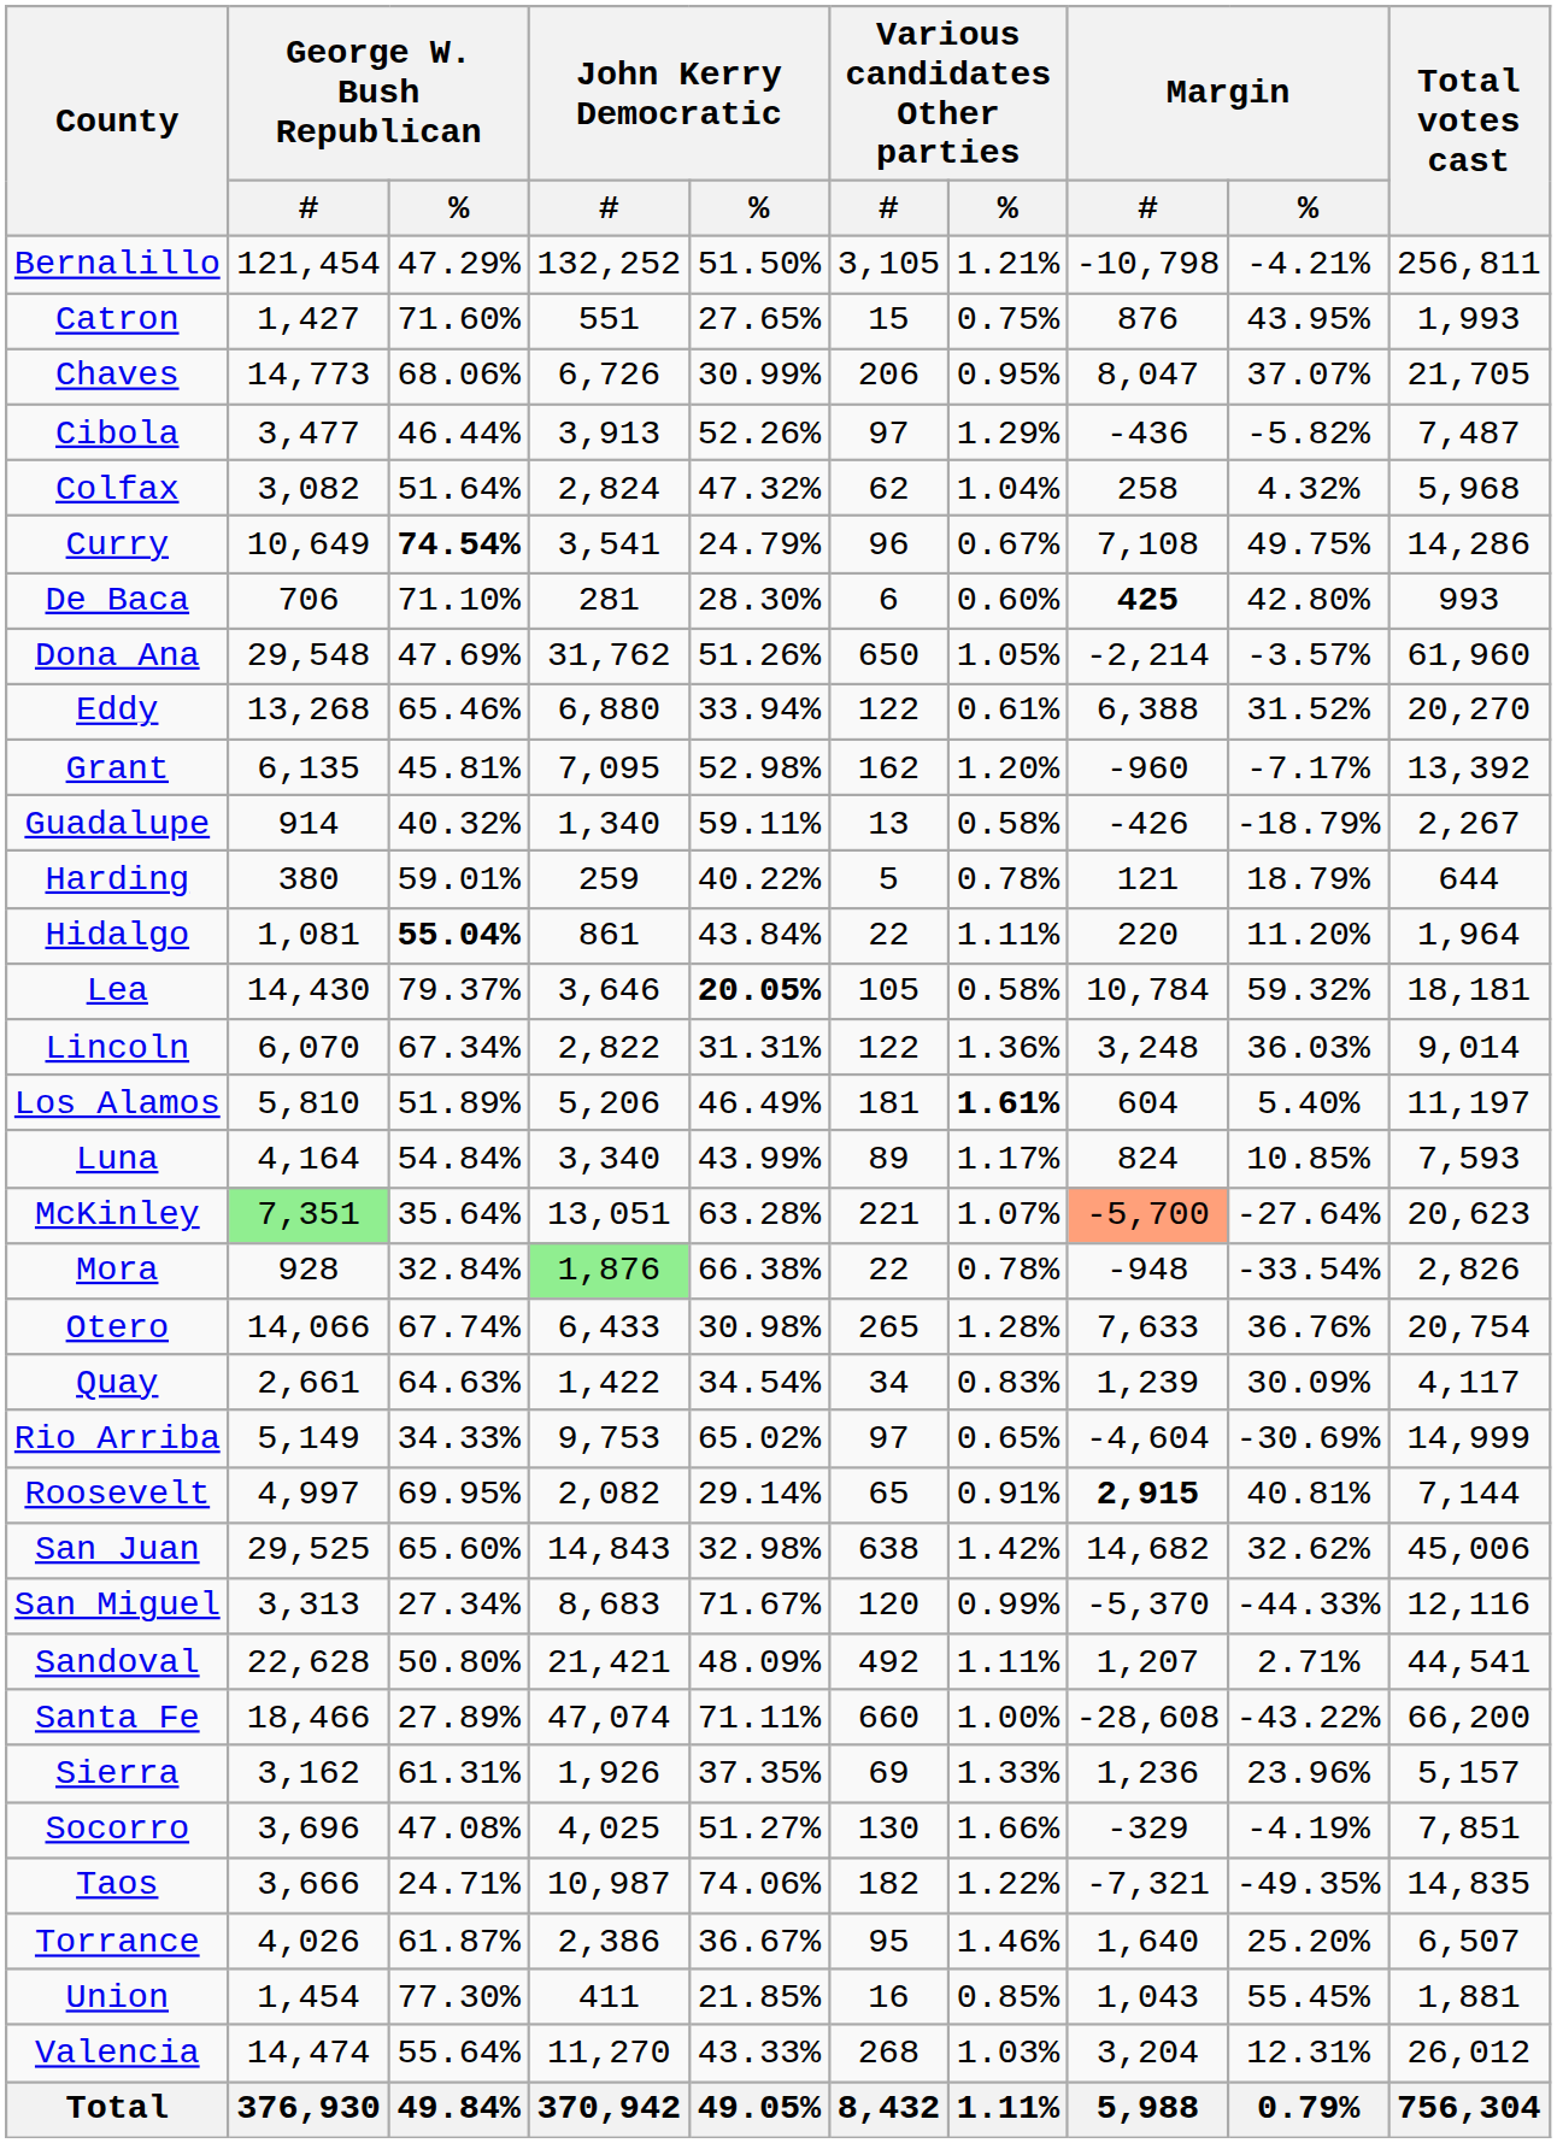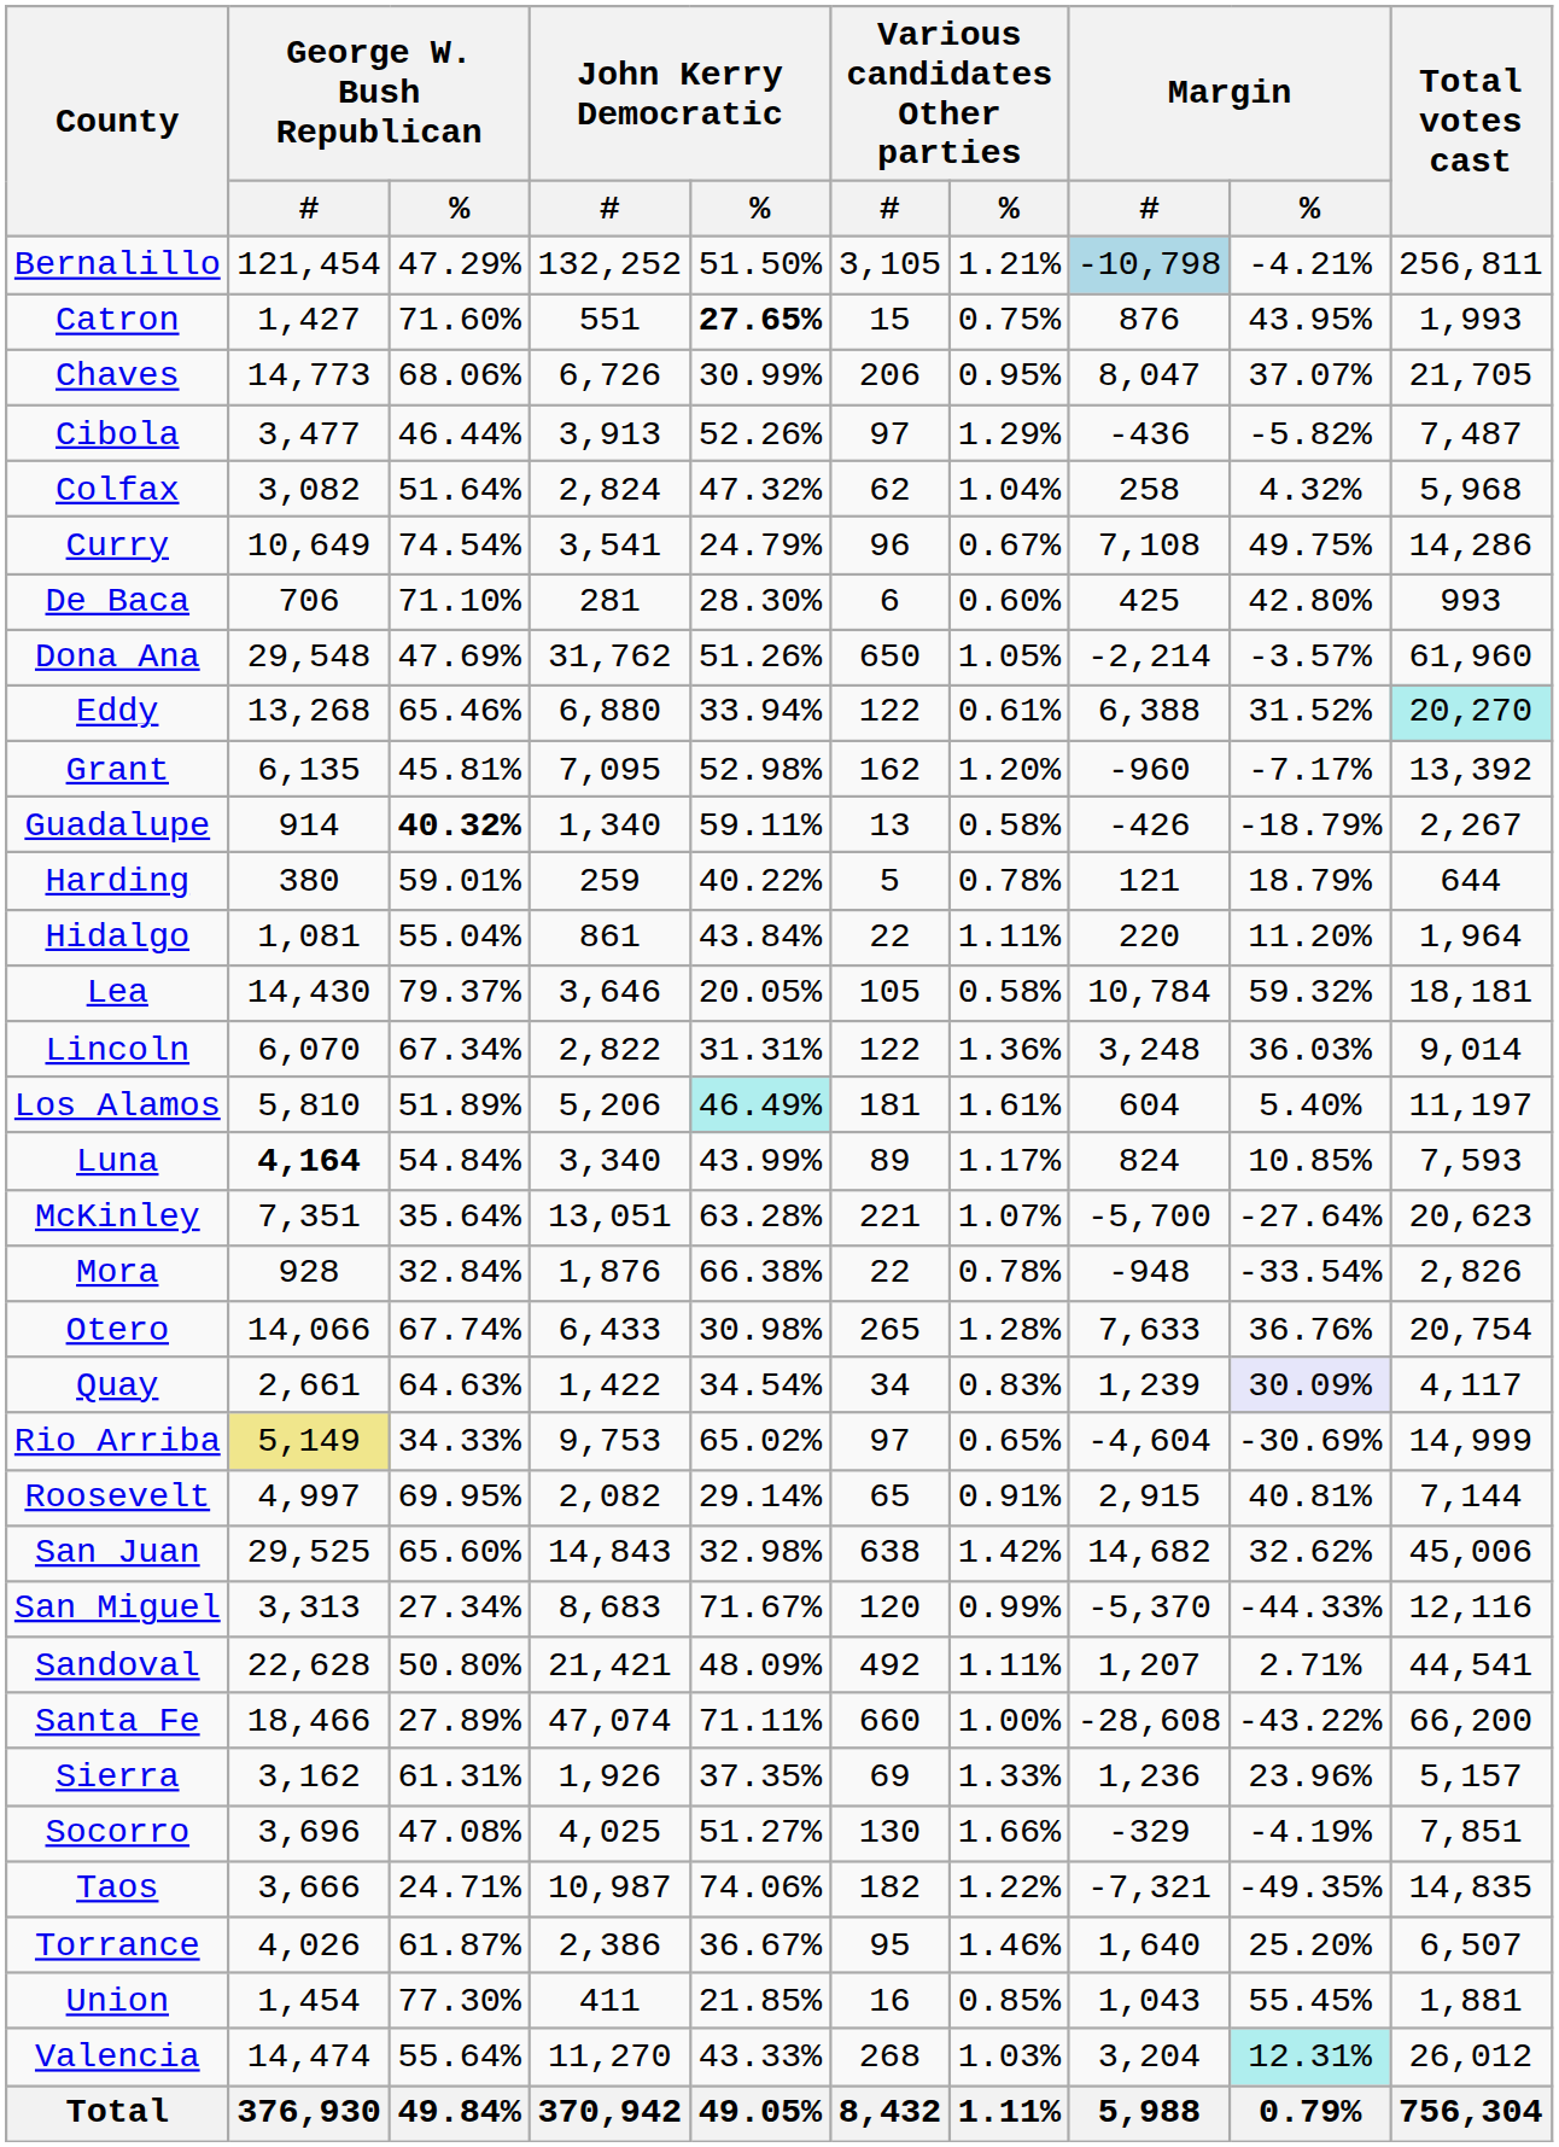 <table width="60%"  class="wikitable sortable" style="text-align:center">
 <tr>
 <th style="text-align:center;" rowspan="2">County</th>
 <th style="text-align:center;" colspan="2">George W. Bush<br>Republican</th>
 <th style="text-align:center;" colspan="2">John Kerry<br>Democratic</th>
 <th style="text-align:center;" colspan="2">Various candidates<br>Other parties</th>
 <th style="text-align:center;" colspan="2">Margin</th>
 <th style="text-align:center;" rowspan="2">Total votes cast</th>
 </tr>
 <tr>
 <th style="text-align:center;" data-sort-type="number">#</th>
 <th style="text-align:center;" data-sort-type="number">%</th>
 <th style="text-align:center;" data-sort-type="number">#</th>
 <th style="text-align:center;" data-sort-type="number">%</th>
 <th style="text-align:center;" data-sort-type="number">#</th>
 <th style="text-align:center;" data-sort-type="number">%</th>
 <th style="text-align:center;" data-sort-type="number">#</th>
 <th style="text-align:center;" data-sort-type="number">%</th>
 </tr>
 <tr style="text-align:center;">
 <td><a href='#'>Bernalillo</a></td>
 <td>121,454</td>
 <td>47.29%</td>
 <td>132,252</td>
 <td>51.50%</td>
 <td>3,105</td>
 <td>1.21%</td>
-<td>-10,798</td>
+<td style="background: lightblue;">-10,798</td>
 <td>-4.21%</td>
 <td>256,811</td>
 </tr>
 <tr style="text-align:center;">
 <td><a href='#'>Catron</a></td>
 <td>1,427</td>
 <td>71.60%</td>
 <td>551</td>
-<td>27.65%</td>
+<td><strong>27.65%</strong></td>
 <td>15</td>
 <td>0.75%</td>
 <td>876</td>
 <td>43.95%</td>
 <td>1,993</td>
 </tr>
 <tr style="text-align:center;">
 <td><a href='#'>Chaves</a></td>
 <td>14,773</td>
 <td>68.06%</td>
 <td>6,726</td>
 <td>30.99%</td>
 <td>206</td>
 <td>0.95%</td>
 <td>8,047</td>
 <td>37.07%</td>
 <td>21,705</td>
 </tr>
 <tr style="text-align:center;">
 <td><a href='#'>Cibola</a></td>
 <td>3,477</td>
 <td>46.44%</td>
 <td>3,913</td>
 <td>52.26%</td>
 <td>97</td>
 <td>1.29%</td>
 <td>-436</td>
 <td>-5.82%</td>
 <td>7,487</td>
 </tr>
 <tr style="text-align:center;">
 <td><a href='#'>Colfax</a></td>
 <td>3,082</td>
 <td>51.64%</td>
 <td>2,824</td>
 <td>47.32%</td>
 <td>62</td>
 <td>1.04%</td>
 <td>258</td>
 <td>4.32%</td>
 <td>5,968</td>
 </tr>
 <tr style="text-align:center;">
 <td><a href='#'>Curry</a></td>
 <td>10,649</td>
-<td><strong>74.54%</strong></td>
+<td>74.54%</td>
 <td>3,541</td>
 <td>24.79%</td>
 <td>96</td>
 <td>0.67%</td>
 <td>7,108</td>
 <td>49.75%</td>
 <td>14,286</td>
 </tr>
 <tr style="text-align:center;">
 <td><a href='#'>De Baca</a></td>
 <td>706</td>
 <td>71.10%</td>
 <td>281</td>
 <td>28.30%</td>
 <td>6</td>
 <td>0.60%</td>
-<td><strong>425</strong></td>
+<td>425</td>
 <td>42.80%</td>
 <td>993</td>
 </tr>
 <tr style="text-align:center;">
 <td><a href='#'>Dona Ana</a></td>
 <td>29,548</td>
 <td>47.69%</td>
 <td>31,762</td>
 <td>51.26%</td>
 <td>650</td>
 <td>1.05%</td>
 <td>-2,214</td>
 <td>-3.57%</td>
 <td>61,960</td>
 </tr>
 <tr style="text-align:center;">
 <td><a href='#'>Eddy</a></td>
 <td>13,268</td>
 <td>65.46%</td>
 <td>6,880</td>
 <td>33.94%</td>
 <td>122</td>
 <td>0.61%</td>
 <td>6,388</td>
 <td>31.52%</td>
-<td>20,270</td>
+<td style="background: paleturquoise;">20,270</td>
 </tr>
 <tr style="text-align:center;">
 <td><a href='#'>Grant</a></td>
 <td>6,135</td>
 <td>45.81%</td>
 <td>7,095</td>
 <td>52.98%</td>
 <td>162</td>
 <td>1.20%</td>
 <td>-960</td>
 <td>-7.17%</td>
 <td>13,392</td>
 </tr>
 <tr style="text-align:center;">
 <td><a href='#'>Guadalupe</a></td>
 <td>914</td>
-<td>40.32%</td>
+<td><strong>40.32%</strong></td>
 <td>1,340</td>
 <td>59.11%</td>
 <td>13</td>
 <td>0.58%</td>
 <td>-426</td>
 <td>-18.79%</td>
 <td>2,267</td>
 </tr>
 <tr style="text-align:center;">
 <td><a href='#'>Harding</a></td>
 <td>380</td>
 <td>59.01%</td>
 <td>259</td>
 <td>40.22%</td>
 <td>5</td>
 <td>0.78%</td>
 <td>121</td>
 <td>18.79%</td>
 <td>644</td>
 </tr>
 <tr style="text-align:center;">
 <td><a href='#'>Hidalgo</a></td>
 <td>1,081</td>
-<td><strong>55.04%</strong></td>
+<td>55.04%</td>
 <td>861</td>
 <td>43.84%</td>
 <td>22</td>
 <td>1.11%</td>
 <td>220</td>
 <td>11.20%</td>
 <td>1,964</td>
 </tr>
 <tr style="text-align:center;">
 <td><a href='#'>Lea</a></td>
 <td>14,430</td>
 <td>79.37%</td>
 <td>3,646</td>
-<td><strong>20.05%</strong></td>
+<td>20.05%</td>
 <td>105</td>
 <td>0.58%</td>
 <td>10,784</td>
 <td>59.32%</td>
 <td>18,181</td>
 </tr>
 <tr style="text-align:center;">
 <td><a href='#'>Lincoln</a></td>
 <td>6,070</td>
 <td>67.34%</td>
 <td>2,822</td>
 <td>31.31%</td>
 <td>122</td>
 <td>1.36%</td>
 <td>3,248</td>
 <td>36.03%</td>
 <td>9,014</td>
 </tr>
 <tr style="text-align:center;">
 <td><a href='#'>Los Alamos</a></td>
 <td>5,810</td>
 <td>51.89%</td>
 <td>5,206</td>
-<td>46.49%</td>
+<td style="background: paleturquoise;">46.49%</td>
 <td>181</td>
-<td><strong>1.61%</strong></td>
+<td>1.61%</td>
 <td>604</td>
 <td>5.40%</td>
 <td>11,197</td>
 </tr>
 <tr style="text-align:center;">
 <td><a href='#'>Luna</a></td>
-<td>4,164</td>
+<td><strong>4,164</strong></td>
 <td>54.84%</td>
 <td>3,340</td>
 <td>43.99%</td>
 <td>89</td>
 <td>1.17%</td>
 <td>824</td>
 <td>10.85%</td>
 <td>7,593</td>
 </tr>
 <tr style="text-align:center;">
 <td><a href='#'>McKinley</a></td>
-<td style="background: lightgreen;">7,351</td>
+<td>7,351</td>
 <td>35.64%</td>
 <td>13,051</td>
 <td>63.28%</td>
 <td>221</td>
 <td>1.07%</td>
-<td style="background: lightsalmon;">-5,700</td>
+<td>-5,700</td>
 <td>-27.64%</td>
 <td>20,623</td>
 </tr>
 <tr style="text-align:center;">
 <td><a href='#'>Mora</a></td>
 <td>928</td>
 <td>32.84%</td>
-<td style="background: lightgreen;">1,876</td>
+<td>1,876</td>
 <td>66.38%</td>
 <td>22</td>
 <td>0.78%</td>
 <td>-948</td>
 <td>-33.54%</td>
 <td>2,826</td>
 </tr>
 <tr style="text-align:center;">
 <td><a href='#'>Otero</a></td>
 <td>14,066</td>
 <td>67.74%</td>
 <td>6,433</td>
 <td>30.98%</td>
 <td>265</td>
 <td>1.28%</td>
 <td>7,633</td>
 <td>36.76%</td>
 <td>20,754</td>
 </tr>
 <tr style="text-align:center;">
 <td><a href='#'>Quay</a></td>
 <td>2,661</td>
 <td>64.63%</td>
 <td>1,422</td>
 <td>34.54%</td>
 <td>34</td>
 <td>0.83%</td>
 <td>1,239</td>
-<td>30.09%</td>
+<td style="background: lavender;">30.09%</td>
 <td>4,117</td>
 </tr>
 <tr style="text-align:center;">
 <td><a href='#'>Rio Arriba</a></td>
-<td>5,149</td>
+<td style="background: khaki;">5,149</td>
 <td>34.33%</td>
 <td>9,753</td>
 <td>65.02%</td>
 <td>97</td>
 <td>0.65%</td>
 <td>-4,604</td>
 <td>-30.69%</td>
 <td>14,999</td>
 </tr>
 <tr style="text-align:center;">
 <td><a href='#'>Roosevelt</a></td>
 <td>4,997</td>
 <td>69.95%</td>
 <td>2,082</td>
 <td>29.14%</td>
 <td>65</td>
 <td>0.91%</td>
-<td><strong>2,915</strong></td>
+<td>2,915</td>
 <td>40.81%</td>
 <td>7,144</td>
 </tr>
 <tr style="text-align:center;">
 <td><a href='#'>San Juan</a></td>
 <td>29,525</td>
 <td>65.60%</td>
 <td>14,843</td>
 <td>32.98%</td>
 <td>638</td>
 <td>1.42%</td>
 <td>14,682</td>
 <td>32.62%</td>
 <td>45,006</td>
 </tr>
 <tr style="text-align:center;">
 <td><a href='#'>San Miguel</a></td>
 <td>3,313</td>
 <td>27.34%</td>
 <td>8,683</td>
 <td>71.67%</td>
 <td>120</td>
 <td>0.99%</td>
 <td>-5,370</td>
 <td>-44.33%</td>
 <td>12,116</td>
 </tr>
 <tr style="text-align:center;">
 <td><a href='#'>Sandoval</a></td>
 <td>22,628</td>
 <td>50.80%</td>
 <td>21,421</td>
 <td>48.09%</td>
 <td>492</td>
 <td>1.11%</td>
 <td>1,207</td>
 <td>2.71%</td>
 <td>44,541</td>
 </tr>
 <tr style="text-align:center;">
 <td><a href='#'>Santa Fe</a></td>
 <td>18,466</td>
 <td>27.89%</td>
 <td>47,074</td>
 <td>71.11%</td>
 <td>660</td>
 <td>1.00%</td>
 <td>-28,608</td>
 <td>-43.22%</td>
 <td>66,200</td>
 </tr>
 <tr style="text-align:center;">
 <td><a href='#'>Sierra</a></td>
 <td>3,162</td>
 <td>61.31%</td>
 <td>1,926</td>
 <td>37.35%</td>
 <td>69</td>
 <td>1.33%</td>
 <td>1,236</td>
 <td>23.96%</td>
 <td>5,157</td>
 </tr>
 <tr style="text-align:center;">
 <td><a href='#'>Socorro</a></td>
 <td>3,696</td>
 <td>47.08%</td>
 <td>4,025</td>
 <td>51.27%</td>
 <td>130</td>
 <td>1.66%</td>
 <td>-329</td>
 <td>-4.19%</td>
 <td>7,851</td>
 </tr>
 <tr style="text-align:center;">
 <td><a href='#'>Taos</a></td>
 <td>3,666</td>
 <td>24.71%</td>
 <td>10,987</td>
 <td>74.06%</td>
 <td>182</td>
 <td>1.22%</td>
 <td>-7,321</td>
 <td>-49.35%</td>
 <td>14,835</td>
 </tr>
 <tr style="text-align:center;">
 <td><a href='#'>Torrance</a></td>
 <td>4,026</td>
 <td>61.87%</td>
 <td>2,386</td>
 <td>36.67%</td>
 <td>95</td>
 <td>1.46%</td>
 <td>1,640</td>
 <td>25.20%</td>
 <td>6,507</td>
 </tr>
 <tr style="text-align:center;">
 <td><a href='#'>Union</a></td>
 <td>1,454</td>
 <td>77.30%</td>
 <td>411</td>
 <td>21.85%</td>
 <td>16</td>
 <td>0.85%</td>
 <td>1,043</td>
 <td>55.45%</td>
 <td>1,881</td>
 </tr>
 <tr style="text-align:center;">
 <td><a href='#'>Valencia</a></td>
 <td>14,474</td>
 <td>55.64%</td>
 <td>11,270</td>
 <td>43.33%</td>
 <td>268</td>
 <td>1.03%</td>
 <td>3,204</td>
-<td>12.31%</td>
+<td style="background: paleturquoise;">12.31%</td>
 <td>26,012</td>
 </tr>
 <tr>
 <th>Total</th>
 <th>376,930</th>
 <th>49.84%</th>
 <th>370,942</th>
 <th>49.05%</th>
 <th>8,432</th>
 <th>1.11%</th>
 <th>5,988</th>
 <th>0.79%</th>
 <th>756,304</th>
 </tr>
 </table>
